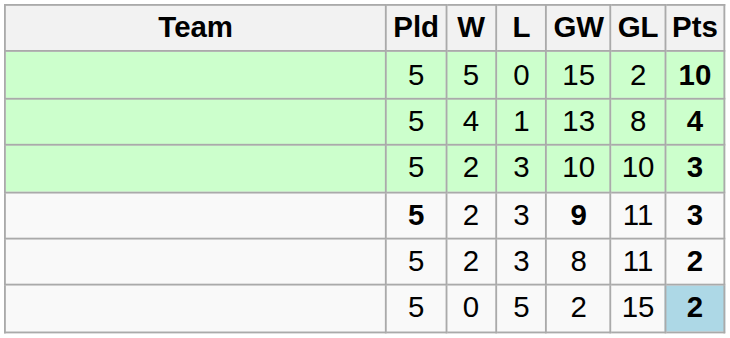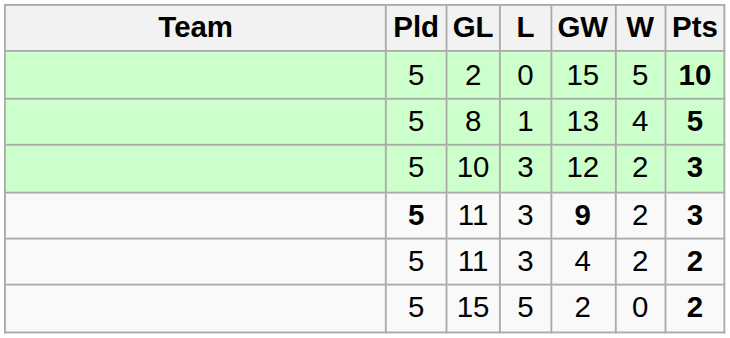 <table class="wikitable" style="text-align:center">
 <tr>
 <th width=200>Team</th>
 <th width=20>Pld</th>
-<th width=20>W</th>
+<th width=20>GL</th>
 <th width=20>L</th>
 <th width=20>GW</th>
-<th width=20>GL</th>
+<th width=20>W</th>
 <th width=20>Pts</th>
 </tr>
 <tr bgcolor=ccffcc>
 <td style="text-align:left;"></td>
 <td>5</td>
-<td>5</td>
+<td>2</td>
 <td>0</td>
 <td>15</td>
-<td>2</td>
+<td>5</td>
 <td><strong>10</strong></td>
 </tr>
 <tr bgcolor=ccffcc>
 <td style="text-align:left;"></td>
 <td>5</td>
-<td>4</td>
+<td>8</td>
 <td>1</td>
 <td>13</td>
-<td>8</td>
-<td><strong>4</strong></td>
+<td>4</td>
+<td><strong>5</strong></td>
 </tr>
 <tr bgcolor=ccffcc>
 <td style="text-align:left;"></td>
 <td>5</td>
+<td>10</td>
+<td>3</td>
+<td>12</td>
 <td>2</td>
-<td>3</td>
-<td>10</td>
-<td>10</td>
 <td><strong>3</strong></td>
 </tr>
 <tr>
 <td style="text-align:left;"></td>
 <td><strong>5</strong></td>
-<td>2</td>
+<td>11</td>
 <td>3</td>
 <td><strong>9</strong></td>
-<td>11</td>
+<td>2</td>
 <td><strong>3</strong></td>
 </tr>
 <tr>
 <td style="text-align:left;"></td>
 <td>5</td>
+<td>11</td>
+<td>3</td>
+<td>4</td>
 <td>2</td>
-<td>3</td>
-<td>8</td>
-<td>11</td>
 <td><strong>2</strong></td>
 </tr>
 <tr>
 <td style="text-align:left;"></td>
 <td>5</td>
-<td>0</td>
+<td>15</td>
 <td>5</td>
 <td>2</td>
-<td>15</td>
-<td style="background: lightblue;"><strong>2</strong></td>
+<td>0</td>
+<td><strong>2</strong></td>
 </tr>
 </table>
